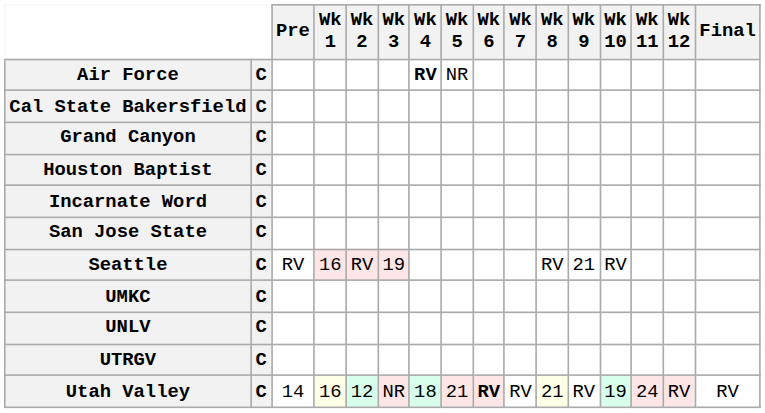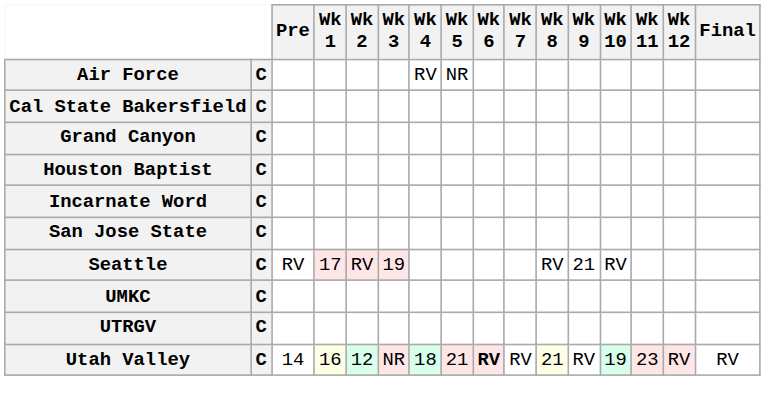 <table class="wikitable" style="white-space:nowrap;font-size:90%;">
 <tr>
 <th colspan=2 style="background:white; border-top-style:hidden; border-left-style:hidden;"> </th>
 <th>Pre</th>
 <th>Wk<br>1</th>
 <th>Wk<br>2</th>
 <th>Wk<br>3</th>
 <th>Wk<br>4</th>
 <th>Wk<br>5</th>
 <th>Wk<br>6</th>
 <th>Wk<br>7</th>
 <th>Wk<br>8</th>
 <th>Wk<br>9</th>
 <th>Wk<br>10</th>
 <th>Wk<br>11</th>
 <th>Wk<br>12</th>
 <th>Final</th>
 </tr>
 <tr style="text-align:center;">
 <th>Air Force</th>
 <th>C</th>
 <td style="background:#FFF;"></td>
 <td style="background:#FFF;"></td>
 <td style="background:#FFF;"></td>
 <td style="background:#FFF;"></td>
-<td style="background:#FFF;"><strong> RV</strong></td>
+<td style="background:#FFF;"> RV</td>
 <td style="background:#FFF;"> NR</td>
 <td style="background:#FFF;"></td>
 <td style="background:#FFF;"></td>
 <td style="background:#FFF;"></td>
 <td style="background:#FFF;"></td>
 <td style="background:#FFF;"></td>
 <td style="background:#FFF;"></td>
 <td style="background:#FFF;"></td>
 <td style="background:#FFF;"></td>
 </tr>
 <tr style="text-align:center;">
 <th>Cal State Bakersfield</th>
 <th>C</th>
 <td style="background:#FFF;"></td>
 <td style="background:#FFF;"></td>
 <td style="background:#FFF;"></td>
 <td style="background:#FFF;"></td>
 <td style="background:#FFF;"></td>
 <td style="background:#FFF;"></td>
 <td style="background:#FFF;"></td>
 <td style="background:#FFF;"></td>
 <td style="background:#FFF;"></td>
 <td style="background:#FFF;"></td>
 <td style="background:#FFF;"></td>
 <td style="background:#FFF;"></td>
 <td style="background:#FFF;"></td>
 <td style="background:#FFF;"></td>
 </tr>
 <tr style="text-align:center;">
 <th>Grand Canyon</th>
 <th>C</th>
 <td style="background:#FFF;"></td>
 <td style="background:#FFF;"></td>
 <td style="background:#FFF;"></td>
 <td style="background:#FFF;"></td>
 <td style="background:#FFF;"></td>
 <td style="background:#FFF;"></td>
 <td style="background:#FFF;"></td>
 <td style="background:#FFF;"></td>
 <td style="background:#FFF;"></td>
 <td style="background:#FFF;"></td>
 <td style="background:#FFF;"></td>
 <td style="background:#FFF;"></td>
 <td style="background:#FFF;"></td>
 <td style="background:#FFF;"></td>
 </tr>
 <tr style="text-align:center;">
 <th>Houston Baptist</th>
 <th>C</th>
 <td style="background:#FFF;"></td>
 <td style="background:#FFF;"></td>
 <td style="background:#FFF;"></td>
 <td style="background:#FFF;"></td>
 <td style="background:#FFF;"></td>
 <td style="background:#FFF;"></td>
 <td style="background:#FFF;"></td>
 <td style="background:#FFF;"></td>
 <td style="background:#FFF;"></td>
 <td style="background:#FFF;"></td>
 <td style="background:#FFF;"></td>
 <td style="background:#FFF;"></td>
 <td style="background:#FFF;"></td>
 <td style="background:#FFF;"></td>
 </tr>
 <tr style="text-align:center;">
 <th>Incarnate Word</th>
 <th>C</th>
 <td style="background:#FFF;"></td>
 <td style="background:#FFF;"></td>
 <td style="background:#FFF;"></td>
 <td style="background:#FFF;"></td>
 <td style="background:#FFF;"></td>
 <td style="background:#FFF;"></td>
 <td style="background:#FFF;"></td>
 <td style="background:#FFF;"></td>
 <td style="background:#FFF;"></td>
 <td style="background:#FFF;"></td>
 <td style="background:#FFF;"></td>
 <td style="background:#FFF;"></td>
 <td style="background:#FFF;"></td>
 <td style="background:#FFF;"></td>
 </tr>
 <tr style="text-align:center;">
 <th>San Jose State</th>
 <th>C</th>
 <td style="background:#FFF;"></td>
 <td style="background:#FFF;"></td>
 <td style="background:#FFF;"></td>
 <td style="background:#FFF;"></td>
 <td style="background:#FFF;"></td>
 <td style="background:#FFF;"></td>
 <td style="background:#FFF;"></td>
 <td style="background:#FFF;"></td>
 <td style="background:#FFF;"></td>
 <td style="background:#FFF;"></td>
 <td style="background:#FFF;"></td>
 <td style="background:#FFF;"></td>
 <td style="background:#FFF;"></td>
 <td style="background:#FFF;"></td>
 </tr>
 <tr style="text-align:center;">
 <th>Seattle</th>
 <th>C</th>
 <td style="background:#FFF;"> RV</td>
-<td style="background:#FFE6E6;"> 16</td>
+<td style="background:#FFE6E6;"> 17</td>
 <td style="background:#FFE6E6;"> RV</td>
 <td style="background:#FFE6E6;"> 19</td>
 <td style="background:#FFF;"></td>
 <td style="background:#FFF;"></td>
 <td style="background:#FFF;"></td>
 <td style="background:#FFF;"></td>
 <td style="background:#FFF;"> RV</td>
 <td style="background:#FFF;"> 21</td>
 <td style="background:#FFF;"> RV</td>
 <td style="background:#FFF;"></td>
 <td style="background:#FFF;"></td>
 <td style="background:#FFF;"></td>
 </tr>
 <tr style="text-align:center;">
 <th>UMKC</th>
-<th>C</th>
-<td style="background:#FFF;"></td>
-<td style="background:#FFF;"></td>
-<td style="background:#FFF;"></td>
-<td style="background:#FFF;"></td>
-<td style="background:#FFF;"></td>
-<td style="background:#FFF;"></td>
-<td style="background:#FFF;"></td>
-<td style="background:#FFF;"></td>
-<td style="background:#FFF;"></td>
-<td style="background:#FFF;"></td>
-<td style="background:#FFF;"></td>
-<td style="background:#FFF;"></td>
-<td style="background:#FFF;"></td>
-<td style="background:#FFF;"></td>
-</tr>
-<tr style="text-align:center;">
-<th>UNLV</th>
 <th>C</th>
 <td style="background:#FFF;"></td>
 <td style="background:#FFF;"></td>
 <td style="background:#FFF;"></td>
 <td style="background:#FFF;"></td>
 <td style="background:#FFF;"></td>
 <td style="background:#FFF;"></td>
 <td style="background:#FFF;"></td>
 <td style="background:#FFF;"></td>
 <td style="background:#FFF;"></td>
 <td style="background:#FFF;"></td>
 <td style="background:#FFF;"></td>
 <td style="background:#FFF;"></td>
 <td style="background:#FFF;"></td>
 <td style="background:#FFF;"></td>
 </tr>
 <tr style="text-align:center;">
 <th>UTRGV</th>
 <th>C</th>
 <td style="background:#FFF;"></td>
 <td style="background:#FFF;"></td>
 <td style="background:#FFF;"></td>
 <td style="background:#FFF;"></td>
 <td style="background:#FFF;"></td>
 <td style="background:#FFF;"></td>
 <td style="background:#FFF;"></td>
 <td style="background:#FFF;"></td>
 <td style="background:#FFF;"></td>
 <td style="background:#FFF;"></td>
 <td style="background:#FFF;"></td>
 <td style="background:#FFF;"></td>
 <td style="background:#FFF;"></td>
 <td style="background:#FFF;"></td>
 </tr>
 <tr style="text-align:center;">
 <th>Utah Valley</th>
 <th>C</th>
 <td style="background:#FFF;"> 14</td>
 <td style="background:#FFFFE6;"> 16</td>
 <td style="background:#D8FFEB;"> 12</td>
 <td style="background:#FFE6E6;"> NR</td>
 <td style="background:#D8FFEB;"> 18</td>
 <td style="background:#FFE6E6;"> 21</td>
 <td style="background:#FFE6E6;"><strong> RV</strong></td>
 <td style="background:#FFF;"> RV</td>
 <td style="background:#FFFFE6;"> 21</td>
 <td style="background:#FFF;"> RV</td>
 <td style="background:#D8FFEB;"> 19</td>
-<td style="background:#FFE6E6;"> 24</td>
+<td style="background:#FFE6E6;"> 23</td>
 <td style="background:#FFE6E6;"> RV</td>
 <td style="background:#FFF;"> RV</td>
 </tr>
 </table>
